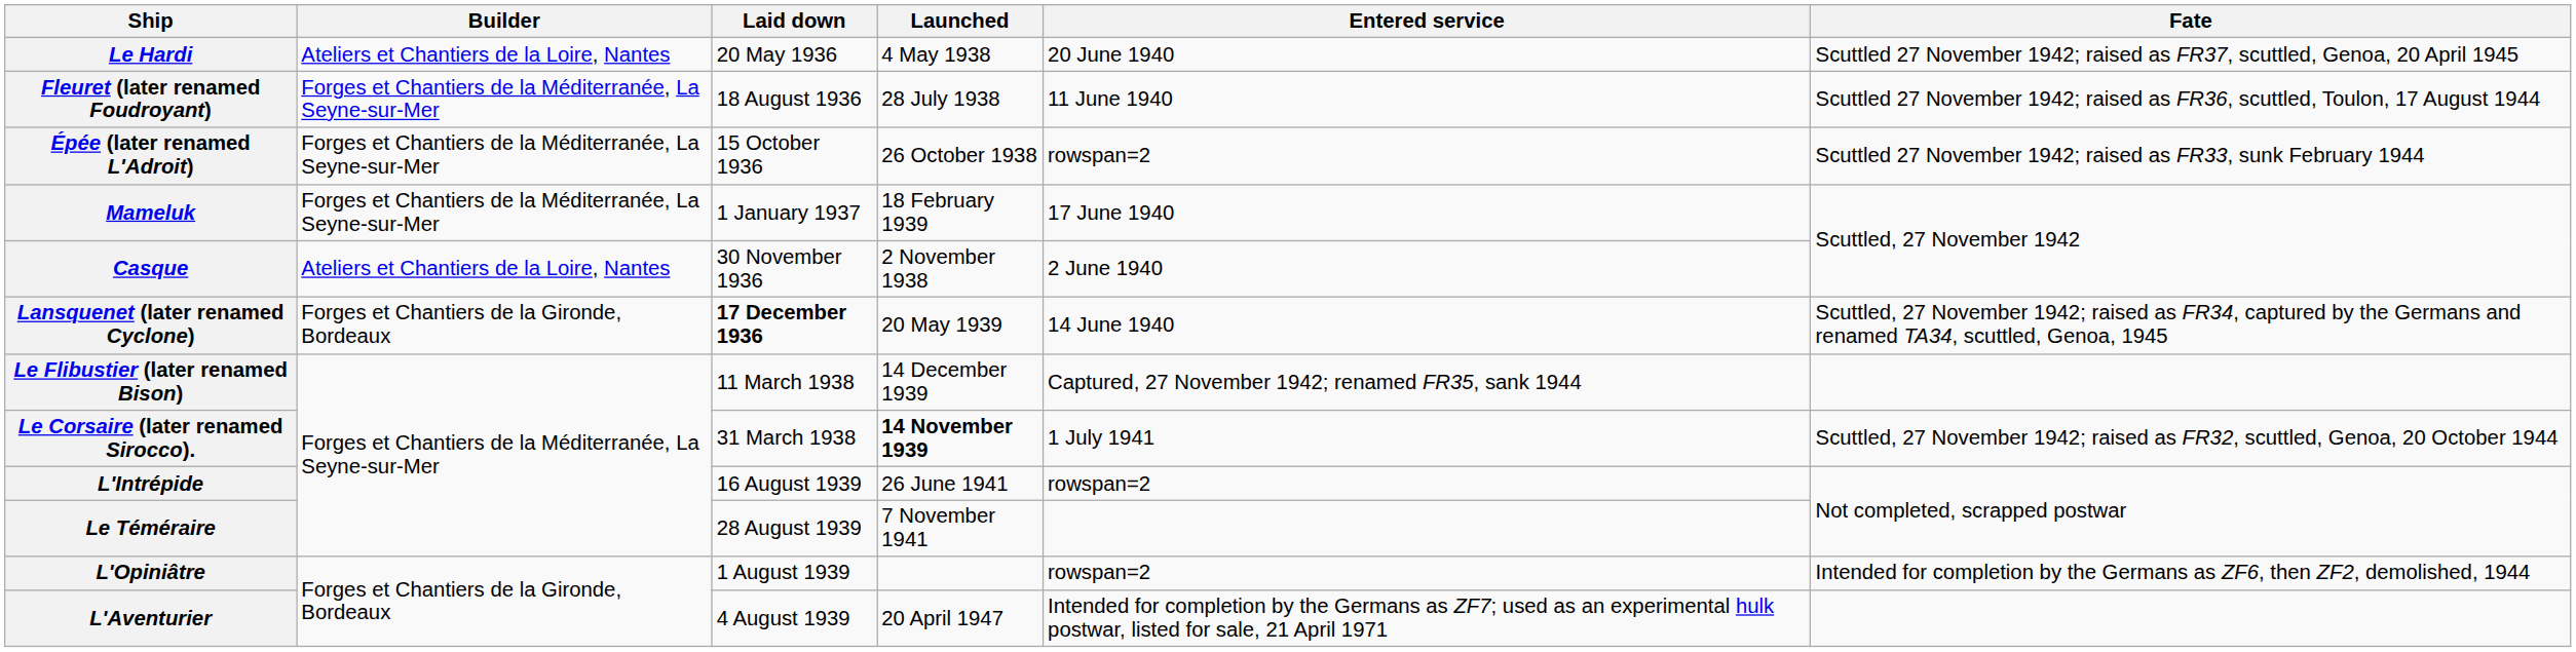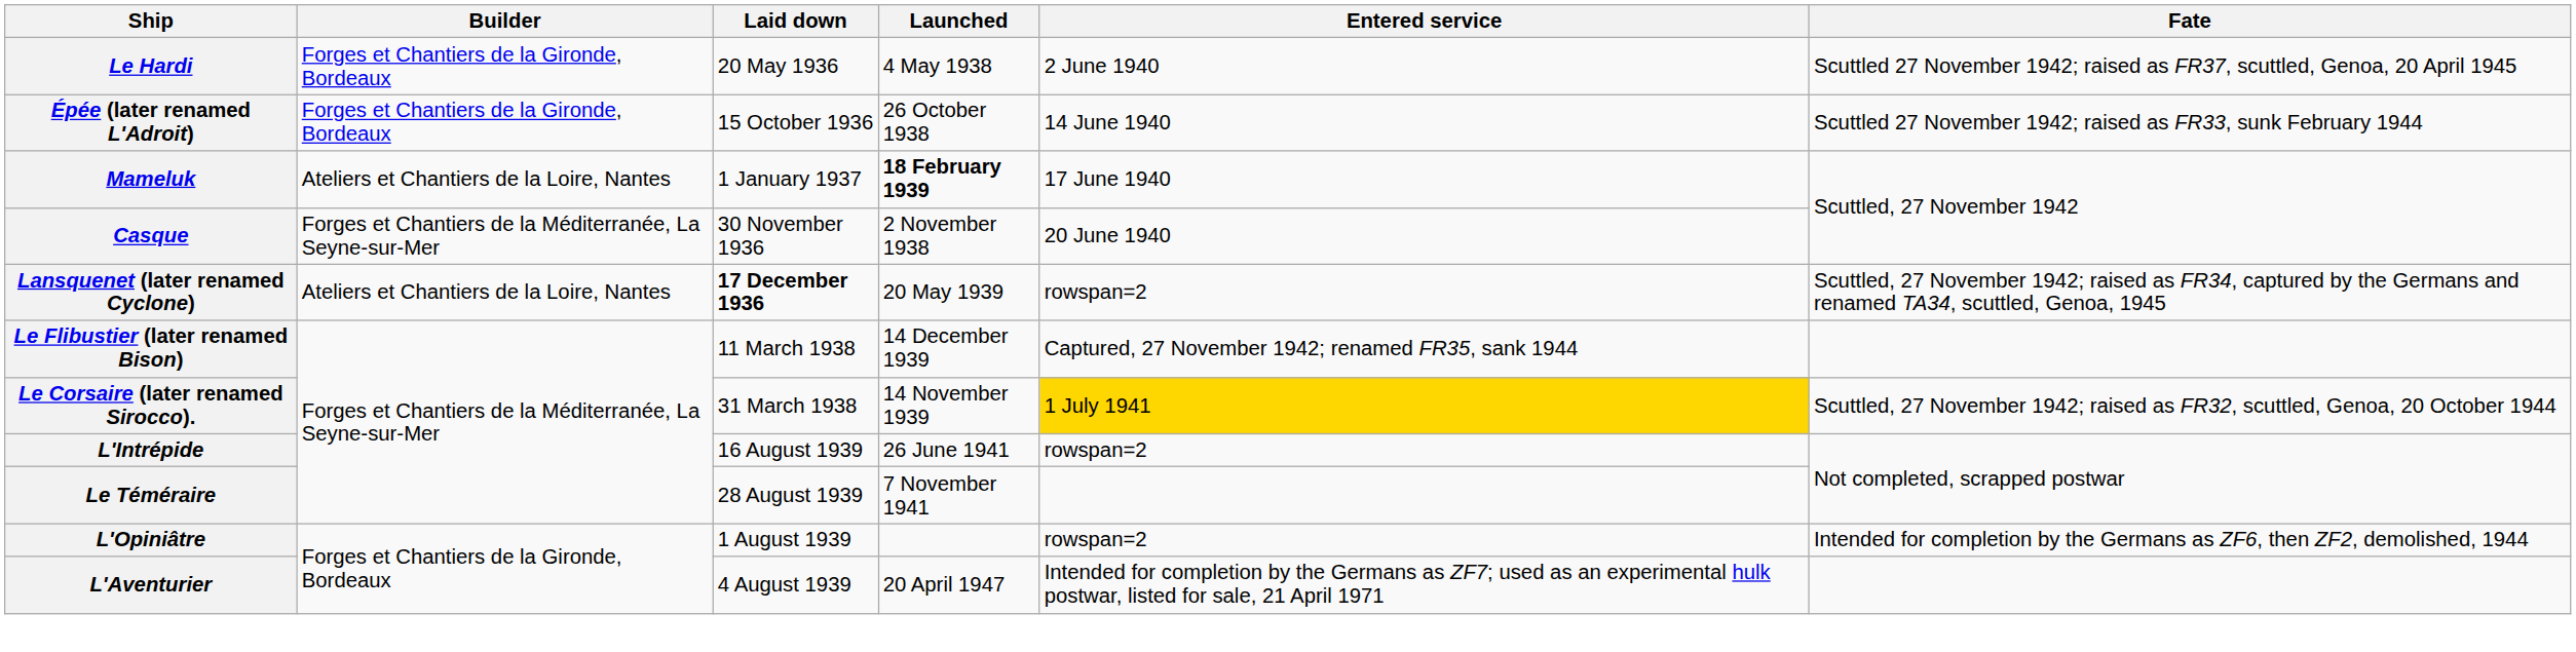 <table class="wikitable plainrowheaders">
 <tr>
 <th scope="col">Ship</th>
 <th scope="col">Builder </th>
 <th scope="col">Laid down </th>
 <th scope="col">Launched </th>
 <th scope="col">Entered service </th>
 <th scope="col">Fate </th>
 </tr>
 <tr>
 <th scope="row"><a href='#'><em>Le Hardi</em></a></th>
-<td><a href='#'>Ateliers et Chantiers de la Loire</a>, <a href='#'>Nantes</a></td>
+<td><a href='#'>Forges et Chantiers de la Gironde</a>, <a href='#'>Bordeaux</a></td>
 <td>20 May 1936</td>
 <td>4 May 1938</td>
-<td>20 June 1940</td>
+<td>2 June 1940</td>
 <td>Scuttled 27 November 1942; raised as <em>FR37</em>, scuttled, Genoa, 20 April 1945</td>
 </tr>
 <tr>
-<th scope="row"><a href='#'><em>Fleuret</em></a> (later renamed <em>Foudroyant</em>)</th>
-<td><a href='#'>Forges et Chantiers de la Méditerranée</a>, <a href='#'>La Seyne-sur-Mer</a></td>
-<td>18 August 1936</td>
-<td>28 July 1938</td>
-<td>11 June 1940</td>
-<td>Scuttled 27 November 1942; raised as <em>FR36</em>, scuttled, Toulon, 17 August 1944</td>
-</tr>
-<tr>
 <th scope="row"><a href='#'><em>Épée</em></a> (later renamed <em>L'Adroit</em>)</th>
-<td>Forges et Chantiers de la Méditerranée, La Seyne-sur-Mer</td>
+<td><a href='#'>Forges et Chantiers de la Gironde</a>, <a href='#'>Bordeaux</a></td>
 <td>15 October 1936</td>
 <td>26 October 1938</td>
-<td>rowspan=2 </td>
+<td>14 June 1940</td>
 <td>Scuttled 27 November 1942; raised as <em>FR33</em>, sunk February 1944</td>
 </tr>
 <tr>
 <th scope="row"><a href='#'><em>Mameluk</em></a></th>
-<td>Forges et Chantiers de la Méditerranée, La Seyne-sur-Mer</td>
+<td>Ateliers et Chantiers de la Loire, Nantes</td>
 <td>1 January 1937</td>
-<td>18 February 1939</td>
+<td><strong>18 February 1939</strong></td>
 <td>17 June 1940</td>
 <td rowspan=2>Scuttled, 27 November 1942</td>
 </tr>
 <tr>
 <th scope="row"><a href='#'><em>Casque</em></a></th>
-<td><a href='#'>Ateliers et Chantiers de la Loire</a>, <a href='#'>Nantes</a></td>
+<td>Forges et Chantiers de la Méditerranée, La Seyne-sur-Mer</td>
 <td>30 November 1936</td>
 <td>2 November 1938</td>
-<td>2 June 1940</td>
+<td>20 June 1940</td>
 </tr>
 <tr>
 <th scope="row"><a href='#'><em>Lansquenet</em></a> (later renamed <em>Cyclone</em>)</th>
-<td>Forges et Chantiers de la Gironde, Bordeaux</td>
+<td>Ateliers et Chantiers de la Loire, Nantes</td>
 <td><strong>17 December 1936</strong></td>
 <td>20 May 1939</td>
-<td>14 June 1940</td>
+<td>rowspan=2 </td>
 <td>Scuttled, 27 November 1942; raised as <em>FR34</em>, captured by the Germans and renamed <em>TA34</em>, scuttled, Genoa, 1945</td>
 </tr>
 <tr>
 <th scope="row"><a href='#'><em>Le Flibustier</em></a> (later renamed <em>Bison</em>)</th>
 <td rowspan=4>Forges et Chantiers de la Méditerranée, La Seyne-sur-Mer</td>
 <td>11 March 1938</td>
 <td>14 December 1939</td>
 <td>Captured, 27 November 1942; renamed <em>FR35</em>, sank 1944</td>
 </tr>
 <tr>
 <th scope="row"><a href='#'><em>Le Corsaire</em></a> (later renamed <em>Sirocco</em>).</th>
 <td>31 March 1938</td>
-<td><strong>14 November 1939</strong></td>
-<td>1 July 1941</td>
+<td>14 November 1939</td>
+<td style="background: gold;">1 July 1941</td>
 <td>Scuttled, 27 November 1942; raised as <em>FR32</em>, scuttled, Genoa, 20 October 1944</td>
 </tr>
 <tr>
 <th scope="row"><em>L'Intrépide</em></th>
 <td>16 August 1939</td>
 <td>26 June 1941</td>
 <td>rowspan=2 </td>
 <td rowspan=2>Not completed, scrapped postwar</td>
 </tr>
 <tr>
 <th scope="row"><em>Le Téméraire</em></th>
 <td>28 August 1939</td>
 <td>7 November 1941</td>
 </tr>
 <tr>
 <th scope="row"><em>L'Opiniâtre</em></th>
 <td rowspan=2>Forges et Chantiers de la Gironde, Bordeaux</td>
 <td>1 August 1939</td>
 <td></td>
 <td>rowspan=2 </td>
 <td>Intended for completion by the Germans as <em>ZF6</em>, then <em>ZF2</em>, demolished, 1944</td>
 </tr>
 <tr>
 <th scope="row"><em>L'Aventurier</em></th>
 <td>4 August 1939</td>
 <td>20 April 1947</td>
 <td>Intended for completion by the Germans as <em>ZF7</em>; used as an experimental <a href='#'>hulk</a> postwar, listed for sale, 21 April 1971</td>
 </tr>
 </table>
